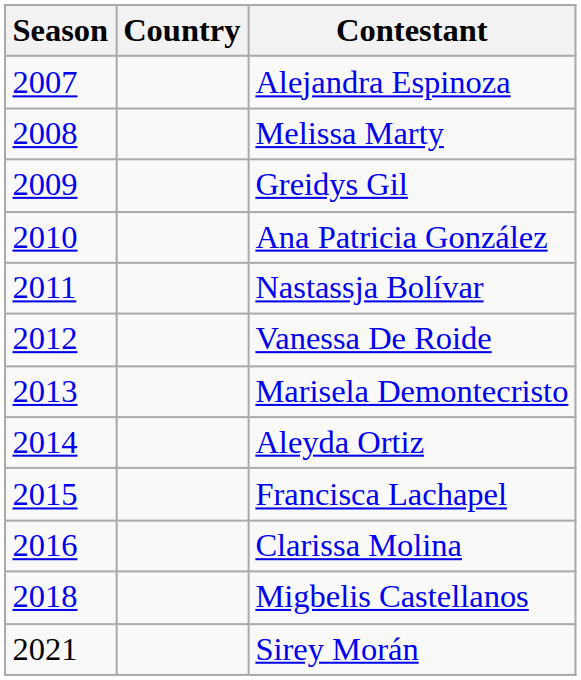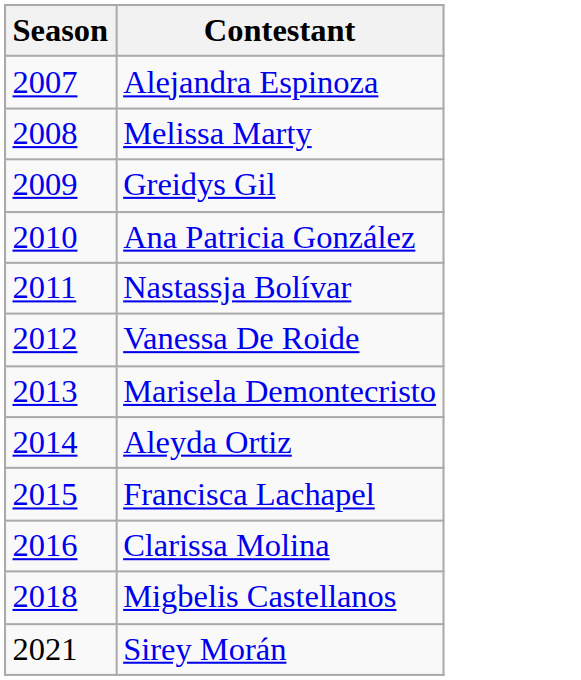 <table class="wikitable sortable">
 <tr bgcolor="#efefe">
 <th>Season</th>
-<th>Country</th>
 <th>Contestant</th>
 </tr>
 <tr>
 <td><a href='#'>2007</a></td>
-<td></td>
 <td><a href='#'>Alejandra Espinoza</a></td>
 </tr>
 <tr>
 <td><a href='#'>2008</a></td>
-<td></td>
 <td><a href='#'>Melissa Marty</a></td>
 </tr>
 <tr>
 <td><a href='#'>2009</a></td>
-<td></td>
 <td><a href='#'>Greidys Gil</a></td>
 </tr>
 <tr>
 <td><a href='#'>2010</a></td>
-<td></td>
 <td><a href='#'>Ana Patricia González</a></td>
 </tr>
 <tr>
 <td><a href='#'>2011</a></td>
-<td></td>
 <td><a href='#'>Nastassja Bolívar</a></td>
 </tr>
 <tr>
 <td><a href='#'>2012</a></td>
-<td></td>
 <td><a href='#'>Vanessa De Roide</a></td>
 </tr>
 <tr>
 <td><a href='#'>2013</a></td>
-<td></td>
 <td><a href='#'>Marisela Demontecristo</a></td>
 </tr>
 <tr>
 <td><a href='#'>2014</a></td>
-<td></td>
 <td><a href='#'>Aleyda Ortiz</a></td>
 </tr>
 <tr>
 <td><a href='#'>2015</a></td>
-<td></td>
 <td><a href='#'>Francisca Lachapel</a></td>
 </tr>
 <tr>
 <td><a href='#'>2016</a></td>
-<td></td>
 <td><a href='#'>Clarissa Molina</a></td>
 </tr>
 <tr>
 <td><a href='#'>2018</a></td>
-<td></td>
 <td><a href='#'>Migbelis Castellanos</a></td>
 </tr>
 <tr>
 <td>2021</td>
-<td></td>
 <td><a href='#'>Sirey Morán</a></td>
 </tr>
 </table>
